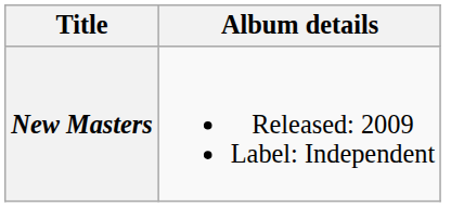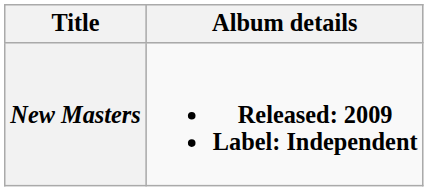 <table class="wikitable plainrowheaders" style="text-align:center;">
 <tr>
 <th scope="col">Title</th>
 <th scope="col">Album details</th>
 </tr>
 <tr>
 <th scope="row"><em>New Masters</em></th>
-<td><br><ul><li>Released: 2009</li><li>Label: Independent</li></ul></td>
+<td><strong><br><ul><li>Released: 2009</li><li>Label: Independent</li></ul></strong></td>
 </tr>
 </table>
